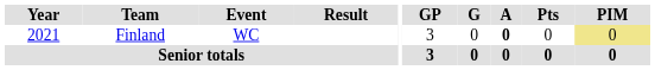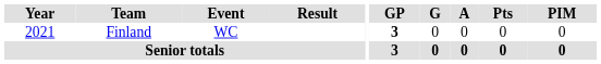 <table border="0" cellpadding="1" cellspacing="0" ID="Table3" style="text-align:center; width:40em">
 <tr ALIGN="center" bgcolor="#e0e0e0">
 <th>Year</th>
 <th>Team</th>
 <th>Event</th>
 <th>Result</th>
 <th rowspan="99" bgcolor="#ffffff"></th>
 <th>GP</th>
 <th>G</th>
 <th>A</th>
 <th>Pts</th>
 <th>PIM</th>
 </tr>
 <tr>
 <td><a href='#'>2021</a></td>
 <td><a href='#'>Finland</a></td>
 <td><a href='#'>WC</a></td>
 <td></td>
-<td>3</td>
+<td><strong>3</strong></td>
 <td>0</td>
-<td><strong>0</strong></td>
 <td>0</td>
-<td style="background: khaki;">0</td>
+<td>0</td>
+<td>0</td>
 </tr>
 <tr bgcolor="#e0e0e0">
 <th colspan="4">Senior totals</th>
 <th>3</th>
 <th>0</th>
 <th>0</th>
 <th>0</th>
 <th>0</th>
 </tr>
 </table>
